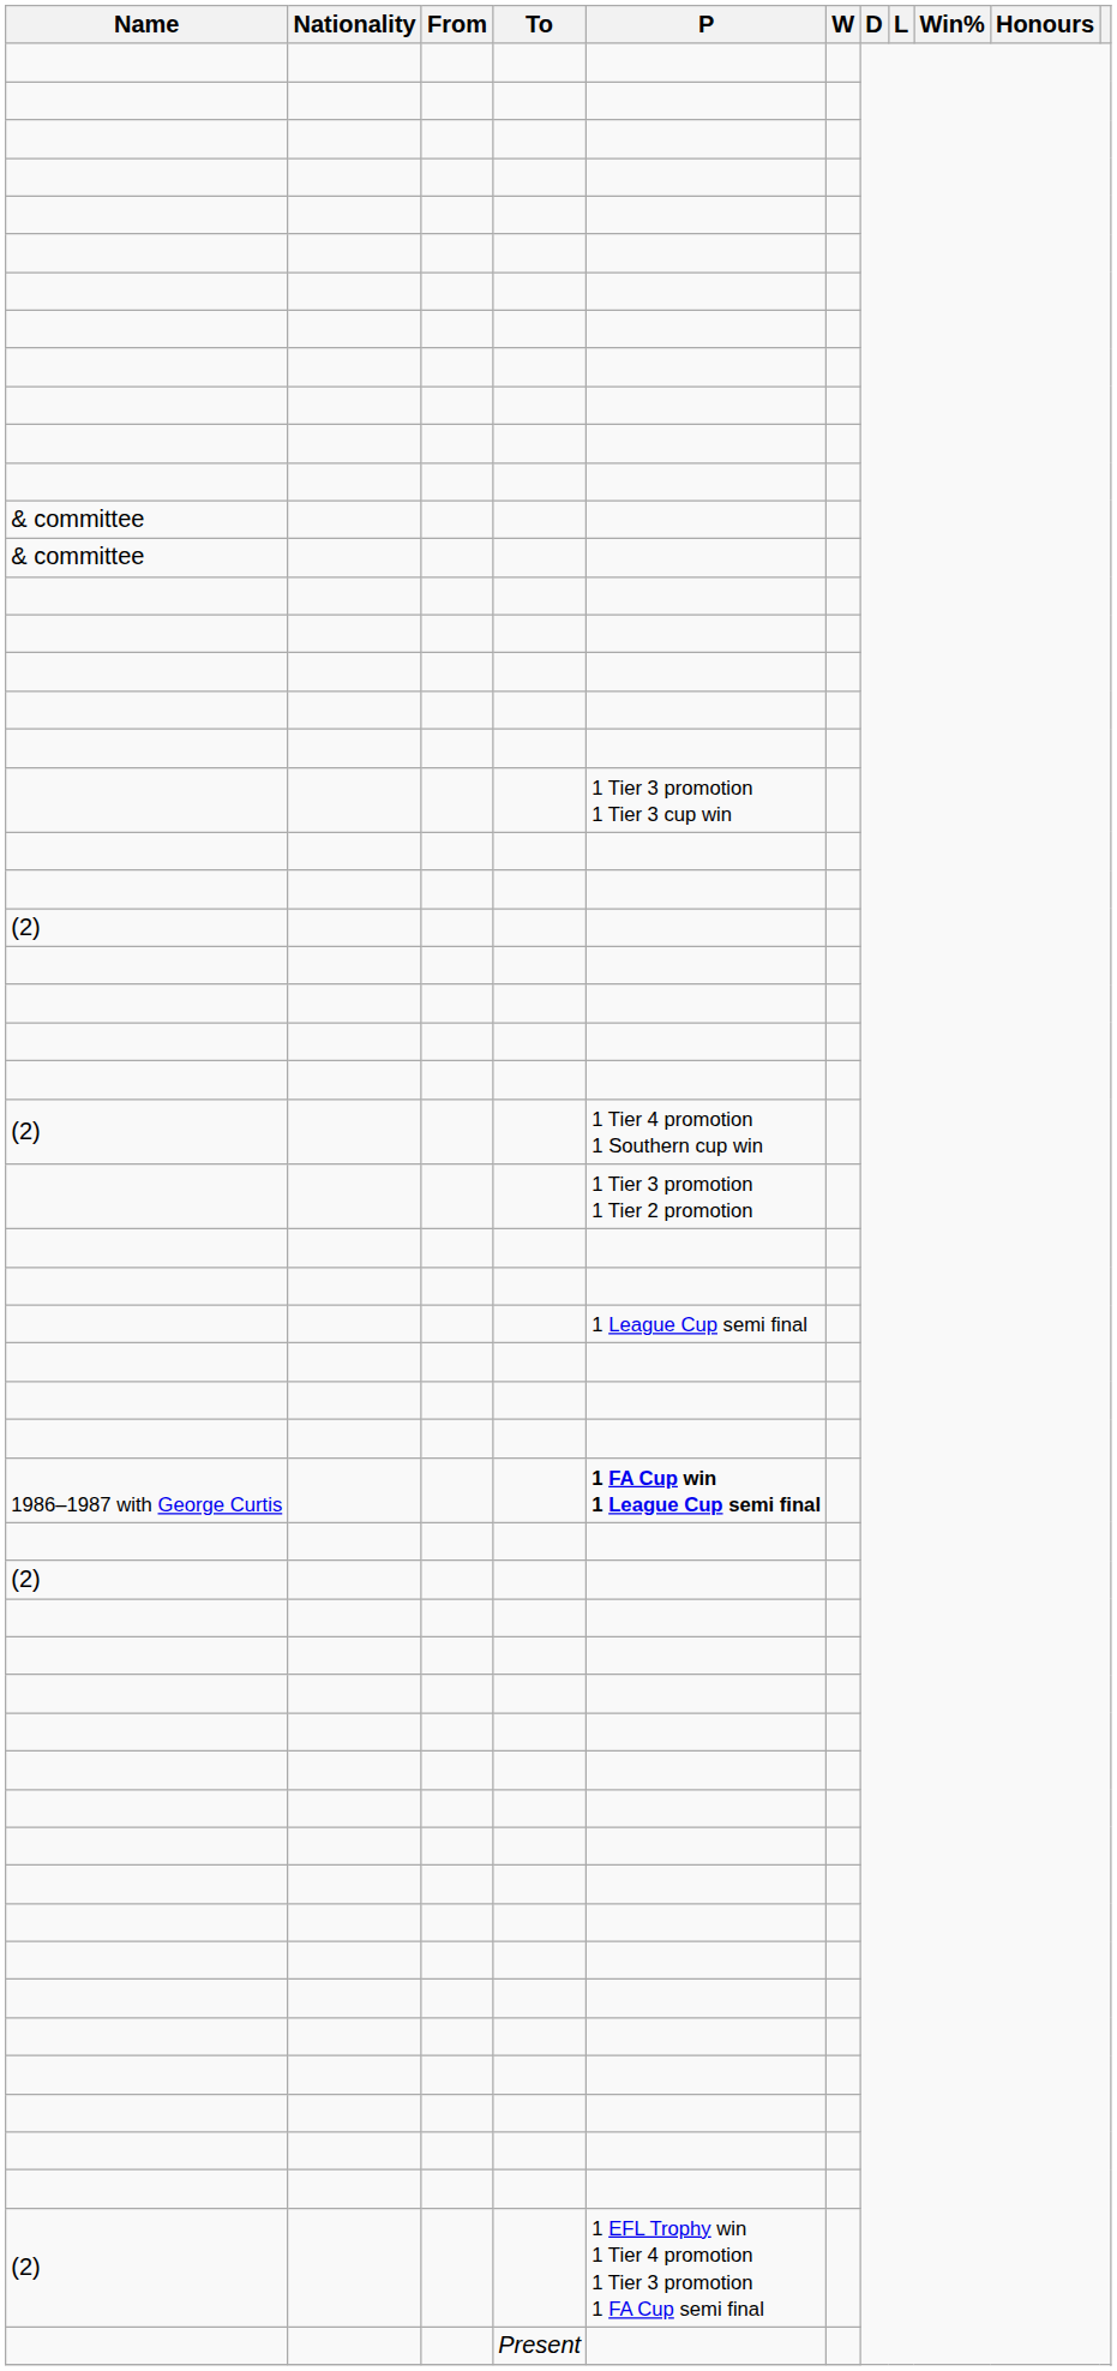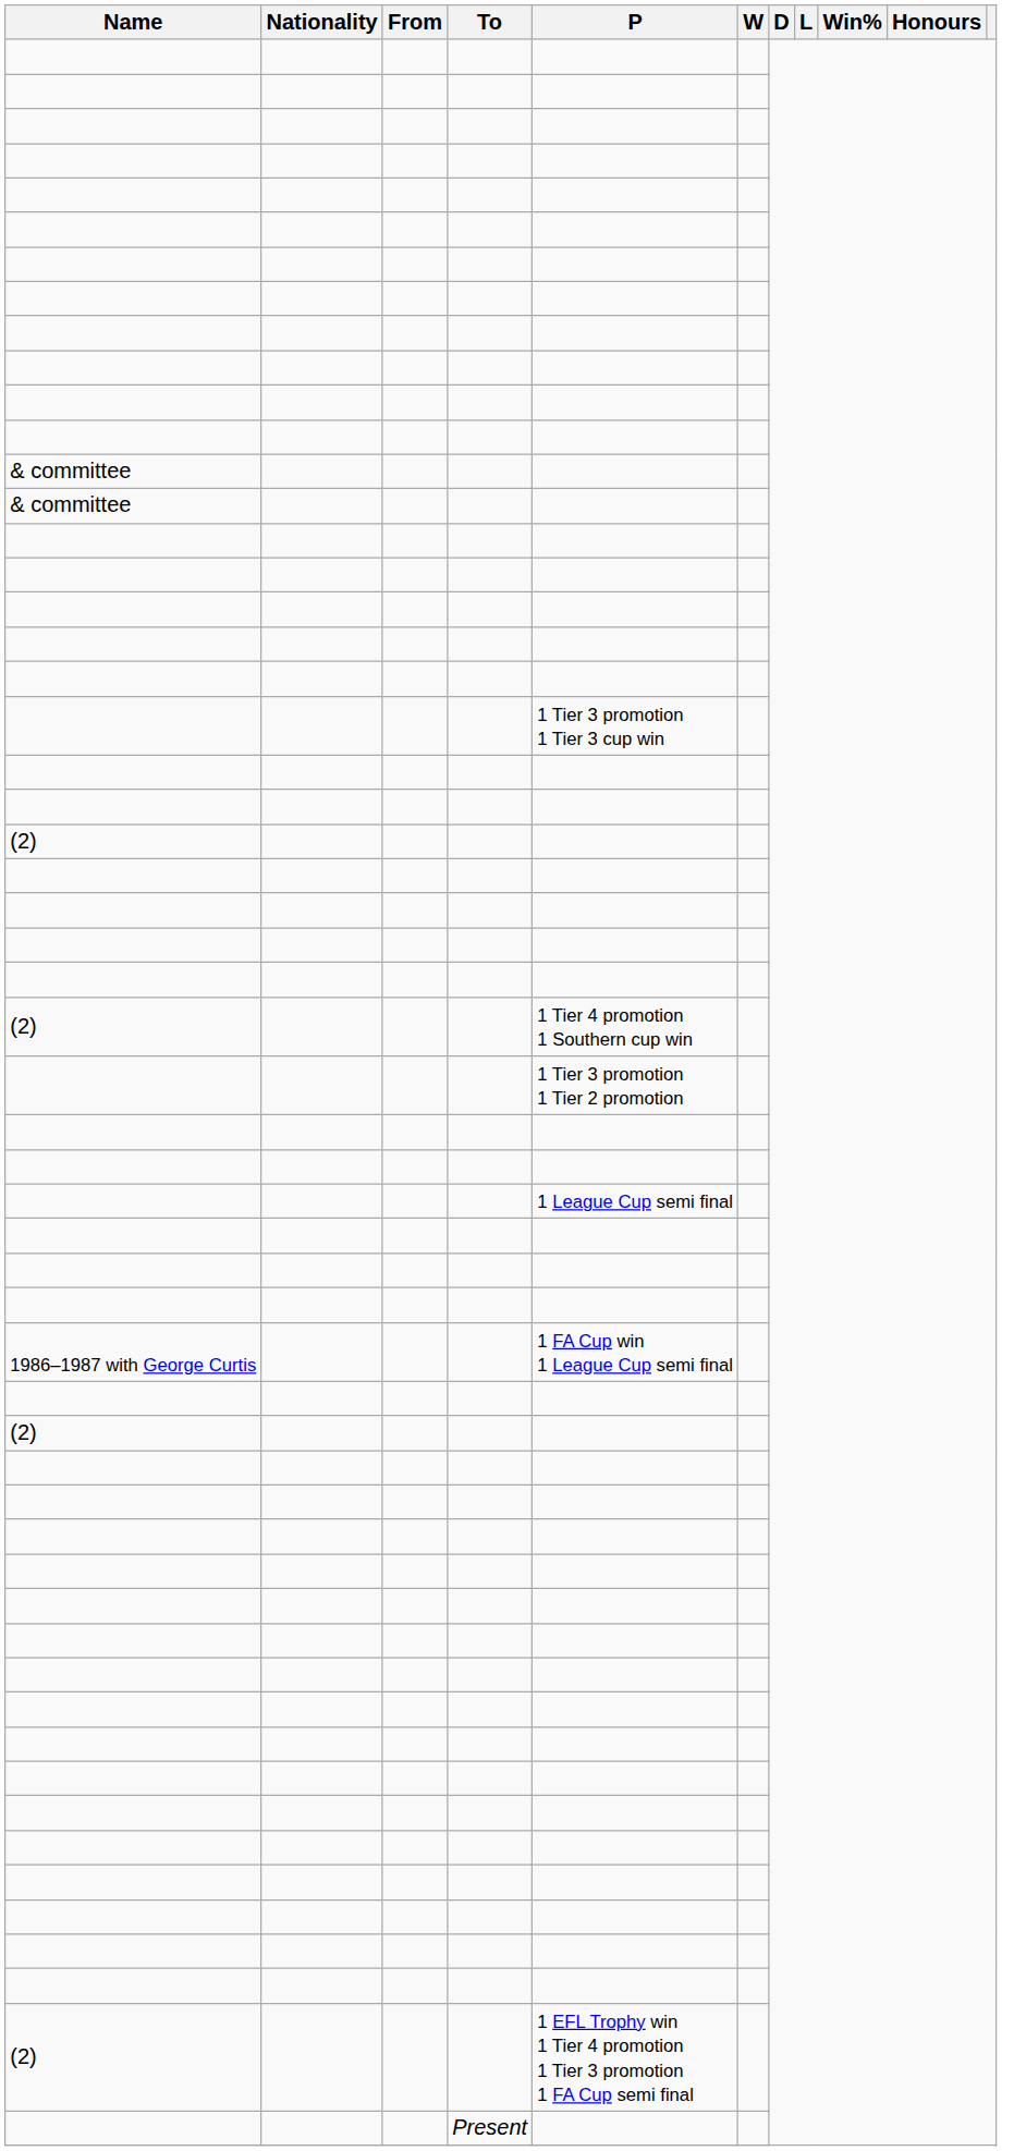 <table class="wikitable sortable">
 <tr>
 <th>Name</th>
 <th>Nationality</th>
 <th>From</th>
 <th class="unsortable">To</th>
 <th>P</th>
 <th>W</th>
 <th>D</th>
 <th>L</th>
 <th>Win%</th>
 <th class="unsortable">Honours</th>
 <th scope="col" class="unsortable"></th>
 </tr>
 <tr>
 <td></td>
 <td></td>
 <td></td>
 <td><br></td>
 <td></td>
 <td></td>
 </tr>
 <tr>
 <td></td>
 <td></td>
 <td></td>
 <td><br></td>
 <td></td>
 <td></td>
 </tr>
 <tr>
 <td></td>
 <td></td>
 <td></td>
 <td><br></td>
 <td></td>
 <td></td>
 </tr>
 <tr>
 <td></td>
 <td></td>
 <td></td>
 <td><br></td>
 <td></td>
 <td></td>
 </tr>
 <tr>
 <td></td>
 <td></td>
 <td></td>
 <td><br></td>
 <td></td>
 <td></td>
 </tr>
 <tr>
 <td></td>
 <td></td>
 <td></td>
 <td><br></td>
 <td></td>
 <td></td>
 </tr>
 <tr>
 <td></td>
 <td></td>
 <td></td>
 <td><br></td>
 <td></td>
 <td></td>
 </tr>
 <tr>
 <td></td>
 <td></td>
 <td></td>
 <td><br></td>
 <td></td>
 <td></td>
 </tr>
 <tr>
 <td></td>
 <td></td>
 <td></td>
 <td><br></td>
 <td></td>
 <td></td>
 </tr>
 <tr>
 <td></td>
 <td></td>
 <td></td>
 <td><br></td>
 <td></td>
 <td></td>
 </tr>
 <tr>
 <td></td>
 <td></td>
 <td></td>
 <td><br></td>
 <td></td>
 <td></td>
 </tr>
 <tr>
 <td></td>
 <td></td>
 <td></td>
 <td><br></td>
 <td></td>
 <td></td>
 </tr>
 <tr>
 <td> & committee</td>
 <td></td>
 <td></td>
 <td><br></td>
 <td></td>
 <td></td>
 </tr>
 <tr>
 <td> & committee</td>
 <td></td>
 <td></td>
 <td><br></td>
 <td></td>
 <td></td>
 </tr>
 <tr>
 <td></td>
 <td></td>
 <td></td>
 <td><br></td>
 <td></td>
 <td></td>
 </tr>
 <tr>
 <td></td>
 <td></td>
 <td></td>
 <td><br></td>
 <td></td>
 <td></td>
 </tr>
 <tr>
 <td></td>
 <td></td>
 <td></td>
 <td><br></td>
 <td></td>
 <td></td>
 </tr>
 <tr>
 <td></td>
 <td></td>
 <td></td>
 <td><br></td>
 <td></td>
 <td></td>
 </tr>
 <tr>
 <td></td>
 <td></td>
 <td></td>
 <td><br></td>
 <td></td>
 <td></td>
 </tr>
 <tr>
 <td></td>
 <td></td>
 <td></td>
 <td><br></td>
 <td><small>1 Tier 3 promotion<br>1 Tier 3 cup win</small></td>
 <td></td>
 </tr>
 <tr>
 <td></td>
 <td></td>
 <td></td>
 <td><br></td>
 <td></td>
 <td></td>
 </tr>
 <tr>
 <td></td>
 <td></td>
 <td></td>
 <td><br></td>
 <td></td>
 <td></td>
 </tr>
 <tr>
 <td> (2)</td>
 <td></td>
 <td></td>
 <td><br></td>
 <td></td>
 <td></td>
 </tr>
 <tr>
 <td></td>
 <td></td>
 <td></td>
 <td><br></td>
 <td></td>
 <td></td>
 </tr>
 <tr>
 <td></td>
 <td></td>
 <td></td>
 <td><br></td>
 <td></td>
 <td></td>
 </tr>
 <tr>
 <td></td>
 <td></td>
 <td></td>
 <td><br></td>
 <td></td>
 <td></td>
 </tr>
 <tr>
 <td></td>
 <td></td>
 <td></td>
 <td><br></td>
 <td></td>
 <td></td>
 </tr>
 <tr>
 <td> (2)</td>
 <td></td>
 <td></td>
 <td><br></td>
 <td><small>1 Tier 4 promotion<br>1 Southern cup win</small></td>
 <td></td>
 </tr>
 <tr>
 <td></td>
 <td></td>
 <td></td>
 <td><br></td>
 <td><small>1 Tier 3 promotion<br>1 Tier 2 promotion</small></td>
 <td></td>
 </tr>
 <tr>
 <td></td>
 <td></td>
 <td></td>
 <td><br></td>
 <td></td>
 <td></td>
 </tr>
 <tr>
 <td></td>
 <td></td>
 <td></td>
 <td><br></td>
 <td></td>
 <td></td>
 </tr>
 <tr>
 <td></td>
 <td></td>
 <td></td>
 <td><br></td>
 <td><small>1 <a href='#'>League Cup</a> semi final</small></td>
 <td></td>
 </tr>
 <tr>
 <td></td>
 <td></td>
 <td></td>
 <td><br></td>
 <td></td>
 <td></td>
 </tr>
 <tr>
 <td></td>
 <td></td>
 <td></td>
 <td><br></td>
 <td></td>
 <td></td>
 </tr>
 <tr>
 <td></td>
 <td></td>
 <td></td>
 <td><br></td>
 <td></td>
 <td></td>
 </tr>
 <tr>
 <td><br><small>1986–1987 with <a href='#'>George Curtis</a></small></td>
 <td></td>
 <td></td>
 <td><br></td>
-<td><strong><small>1 <a href='#'>FA Cup</a> win</small><br><small>1 <a href='#'>League Cup</a> semi final</small></strong></td>
+<td><small>1 <a href='#'>FA Cup</a> win</small><br><small>1 <a href='#'>League Cup</a> semi final</small></td>
 <td></td>
 </tr>
 <tr>
 <td></td>
 <td></td>
 <td></td>
 <td><br></td>
 <td></td>
 <td></td>
 </tr>
 <tr>
 <td> (2)</td>
 <td></td>
 <td></td>
 <td><br></td>
 <td></td>
 <td></td>
 </tr>
 <tr>
 <td></td>
 <td></td>
 <td></td>
 <td><br></td>
 <td></td>
 <td></td>
 </tr>
 <tr>
 <td></td>
 <td></td>
 <td></td>
 <td><br></td>
 <td></td>
 <td></td>
 </tr>
 <tr>
 <td></td>
 <td></td>
 <td></td>
 <td><br></td>
 <td></td>
 <td></td>
 </tr>
 <tr>
 <td></td>
 <td></td>
 <td></td>
 <td><br></td>
 <td></td>
 <td></td>
 </tr>
 <tr>
 <td></td>
 <td></td>
 <td></td>
 <td><br></td>
 <td></td>
 <td></td>
 </tr>
 <tr>
 <td></td>
 <td></td>
 <td></td>
 <td><br></td>
 <td></td>
 <td></td>
 </tr>
 <tr>
 <td></td>
 <td></td>
 <td></td>
 <td><br></td>
 <td></td>
 <td></td>
 </tr>
 <tr>
 <td></td>
 <td></td>
 <td></td>
 <td><br></td>
 <td></td>
 <td></td>
 </tr>
 <tr>
 <td></td>
 <td></td>
 <td></td>
 <td><br></td>
 <td></td>
 <td></td>
 </tr>
 <tr>
 <td></td>
 <td></td>
 <td></td>
 <td><br></td>
 <td></td>
 <td></td>
 </tr>
 <tr>
 <td></td>
 <td></td>
 <td></td>
 <td><br></td>
 <td></td>
 <td></td>
 </tr>
 <tr>
 <td></td>
 <td></td>
 <td></td>
 <td><br></td>
 <td></td>
 <td></td>
 </tr>
 <tr>
 <td></td>
 <td></td>
 <td></td>
 <td><br></td>
 <td></td>
 <td></td>
 </tr>
 <tr>
 <td></td>
 <td></td>
 <td></td>
 <td><br></td>
 <td></td>
 <td></td>
 </tr>
 <tr>
 <td></td>
 <td></td>
 <td></td>
 <td><br></td>
 <td></td>
 <td></td>
 </tr>
 <tr>
 <td></td>
 <td></td>
 <td></td>
 <td><br></td>
 <td></td>
 <td></td>
 </tr>
 <tr>
 <td> (2)</td>
 <td></td>
 <td></td>
 <td><br></td>
 <td><small>1 <a href='#'>EFL Trophy</a> win<br>1 Tier 4 promotion<br>1 Tier 3 promotion</small><br><small>1 <a href='#'>FA Cup</a> semi final</small></td>
 <td></td>
 </tr>
 <tr>
 <td></td>
 <td></td>
 <td></td>
 <td align="center"><em>Present</em><br></td>
 <td></td>
 <td></td>
 </tr>
 <tr>
 </tr>
 </table>
